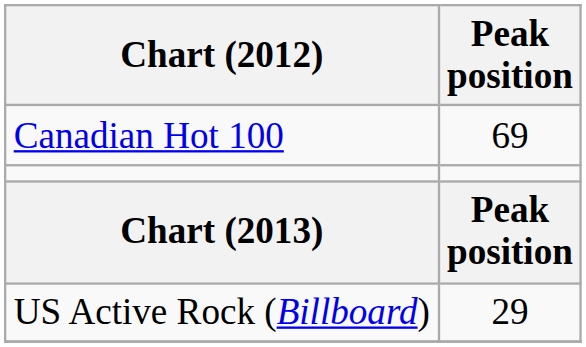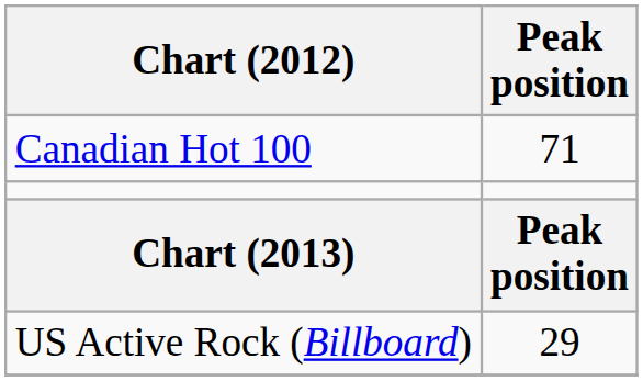 <table class="wikitable sortable">
 <tr>
 <th>Chart (2012)</th>
 <th>Peak<br>position</th>
 </tr>
 <tr>
 <td><a href='#'>Canadian Hot 100</a></td>
-<td align="center">69</td>
+<td align="center">71</td>
 </tr>
 <tr>
 <td></td>
 </tr>
 <tr>
 <th>Chart (2013)</th>
 <th>Peak<br>position</th>
 </tr>
 <tr>
 <td align="left">US Active Rock (<a href='#'><em>Billboard</em></a>)</td>
 <td align="center">29</td>
 </tr>
 <tr>
 </tr>
 <tr>
 </tr>
 </table>
